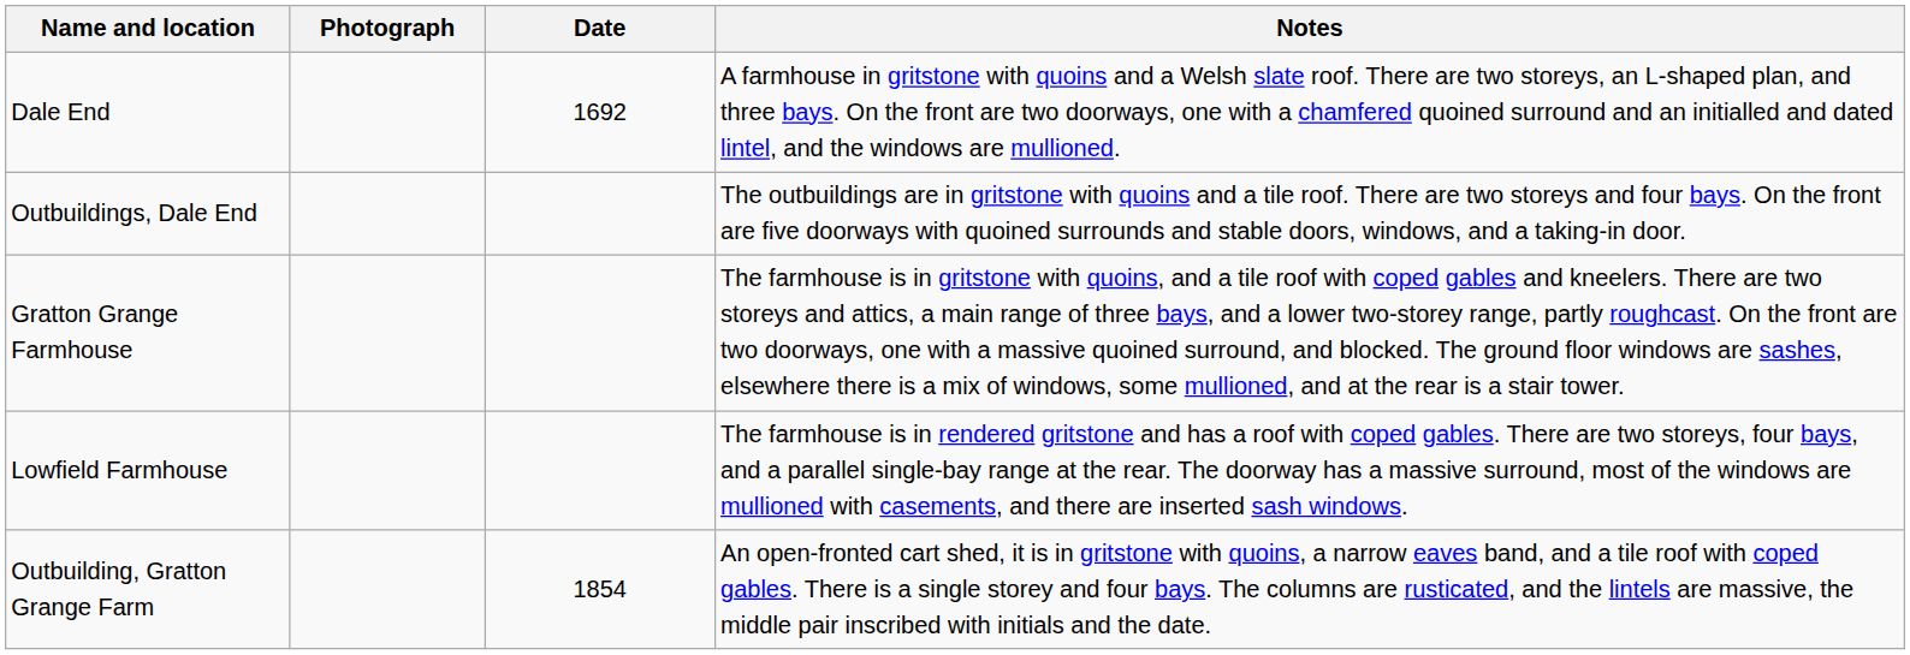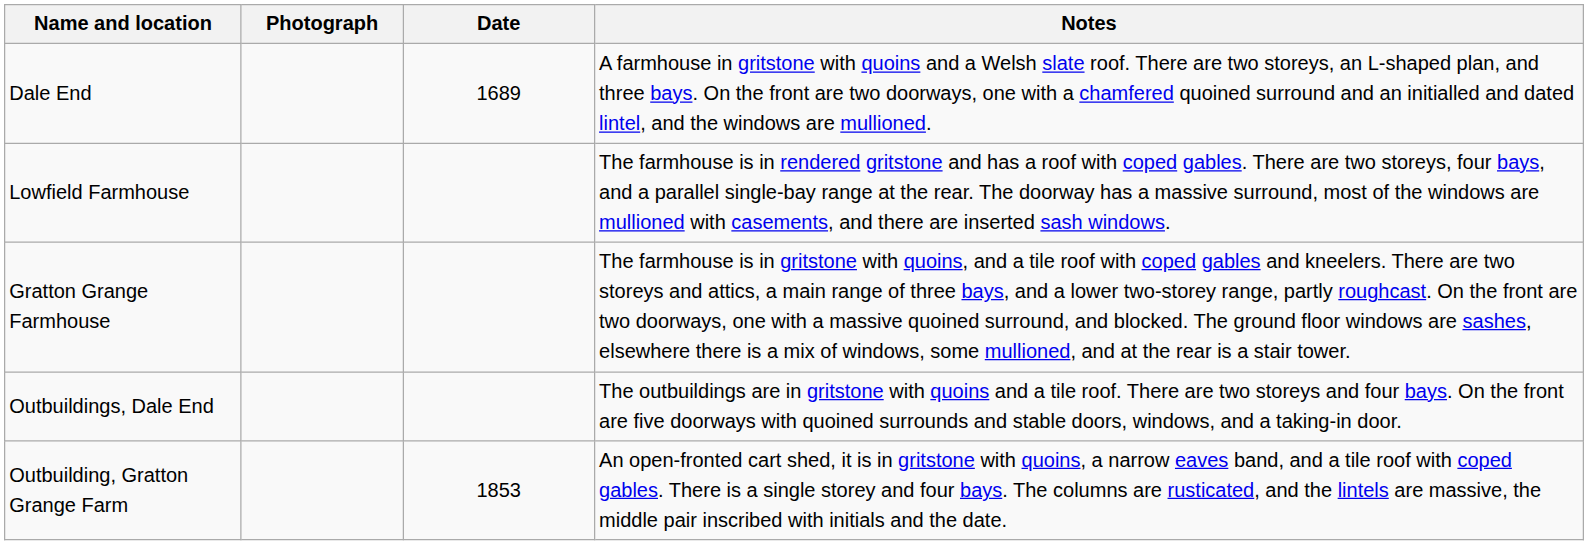 <table class="wikitable sortable plainrowheaders" style="width:100%;border:0px;text-align:left;line-height:150%;">
 <tr>
 <th scope="col"  style="width:150px">Name and location</th>
 <th scope="col"  style="width:100px" class="unsortable">Photograph</th>
 <th scope="col"  style="width:120px">Date</th>
 <th scope="col"  style="width:650px" class="unsortable">Notes</th>
 </tr>
 <tr>
 <td>Dale End<br><small></small></td>
 <td></td>
-<td align="center">1692</td>
+<td align="center">1689</td>
 <td>A farmhouse in <a href='#'>gritstone</a> with <a href='#'>quoins</a> and a Welsh <a href='#'>slate</a> roof.  There are two storeys, an L-shaped plan, and three <a href='#'>bays</a>.  On the front are two doorways, one with a <a href='#'>chamfered</a> quoined surround and an initialled and dated <a href='#'>lintel</a>, and the windows are <a href='#'>mullioned</a>.</td>
+</tr>
+<tr>
+<td>Lowfield Farmhouse<br><small></small></td>
+<td></td>
+<td align="center"></td>
+<td>The farmhouse is in <a href='#'>rendered</a> <a href='#'>gritstone</a> and has a roof with <a href='#'>coped</a> <a href='#'>gables</a>.  There are two storeys, four <a href='#'>bays</a>, and a parallel single-bay range at the rear.  The doorway has a massive surround, most of the windows are <a href='#'>mullioned</a> with <a href='#'>casements</a>, and there are inserted <a href='#'>sash windows</a>.</td>
+</tr>
+<tr>
+<td>Gratton Grange Farmhouse<br><small></small></td>
+<td></td>
+<td align="center"></td>
+<td>The farmhouse is in <a href='#'>gritstone</a> with <a href='#'>quoins</a>, and a tile roof with <a href='#'>coped</a> <a href='#'>gables</a> and kneelers.  There are two storeys and attics, a main range of three <a href='#'>bays</a>, and a lower two-storey range, partly <a href='#'>roughcast</a>.  On the front are two doorways, one with a massive quoined surround, and blocked.  The ground floor windows are <a href='#'>sashes</a>, elsewhere there is a mix of windows, some <a href='#'>mullioned</a>, and at the rear is a stair tower.</td>
 </tr>
 <tr>
 <td>Outbuildings, Dale End<br><small></small></td>
 <td></td>
 <td align="center"></td>
 <td>The outbuildings are in <a href='#'>gritstone</a> with <a href='#'>quoins</a> and a tile roof.  There are two storeys and four <a href='#'>bays</a>.  On the front are five doorways with quoined surrounds and stable doors, windows, and a taking-in door.</td>
 </tr>
 <tr>
-<td>Gratton Grange Farmhouse<br><small></small></td>
-<td></td>
-<td align="center"></td>
-<td>The farmhouse is in <a href='#'>gritstone</a> with <a href='#'>quoins</a>, and a tile roof with <a href='#'>coped</a> <a href='#'>gables</a> and kneelers.  There are two storeys and attics, a main range of three <a href='#'>bays</a>, and a lower two-storey range, partly <a href='#'>roughcast</a>.  On the front are two doorways, one with a massive quoined surround, and blocked.  The ground floor windows are <a href='#'>sashes</a>, elsewhere there is a mix of windows, some <a href='#'>mullioned</a>, and at the rear is a stair tower.</td>
-</tr>
-<tr>
-<td>Lowfield Farmhouse<br><small></small></td>
-<td></td>
-<td align="center"></td>
-<td>The farmhouse is in <a href='#'>rendered</a> <a href='#'>gritstone</a> and has a roof with <a href='#'>coped</a> <a href='#'>gables</a>.  There are two storeys, four <a href='#'>bays</a>, and a parallel single-bay range at the rear.  The doorway has a massive surround, most of the windows are <a href='#'>mullioned</a> with <a href='#'>casements</a>, and there are inserted <a href='#'>sash windows</a>.</td>
-</tr>
-<tr>
 <td>Outbuilding, Gratton Grange Farm<br><small></small></td>
 <td></td>
-<td align="center">1854</td>
+<td align="center">1853</td>
 <td>An open-fronted cart shed, it is in <a href='#'>gritstone</a> with <a href='#'>quoins</a>, a narrow <a href='#'>eaves</a> band, and a tile roof with <a href='#'>coped</a> <a href='#'>gables</a>.  There is a single storey and four <a href='#'>bays</a>.  The columns are <a href='#'>rusticated</a>, and the <a href='#'>lintels</a> are massive, the middle pair inscribed with initials and the date.</td>
 </tr>
 <tr>
 </tr>
 </table>
